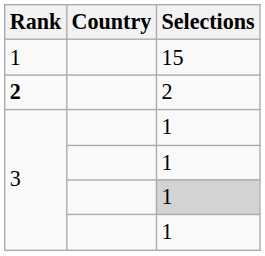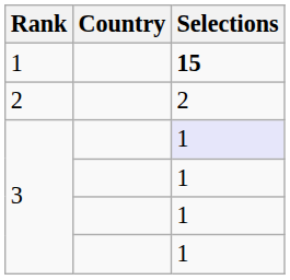 <table class="wikitable">
 <tr>
 <th>Rank</th>
 <th>Country</th>
 <th>Selections</th>
 </tr>
 <tr>
 <td>1</td>
 <td></td>
-<td>15</td>
+<td><strong>15</strong></td>
 </tr>
 <tr>
-<td><strong>2</strong></td>
+<td>2</td>
 <td></td>
 <td>2</td>
 </tr>
 <tr>
 <td rowspan="4">3</td>
+<td></td>
+<td style="background: lavender;">1</td>
+</tr>
+<tr>
 <td></td>
 <td>1</td>
 </tr>
 <tr>
 <td></td>
 <td>1</td>
 </tr>
 <tr>
 <td></td>
-<td style="background: lightgrey;">1</td>
-</tr>
-<tr>
-<td></td>
 <td>1</td>
 </tr>
 </table>
